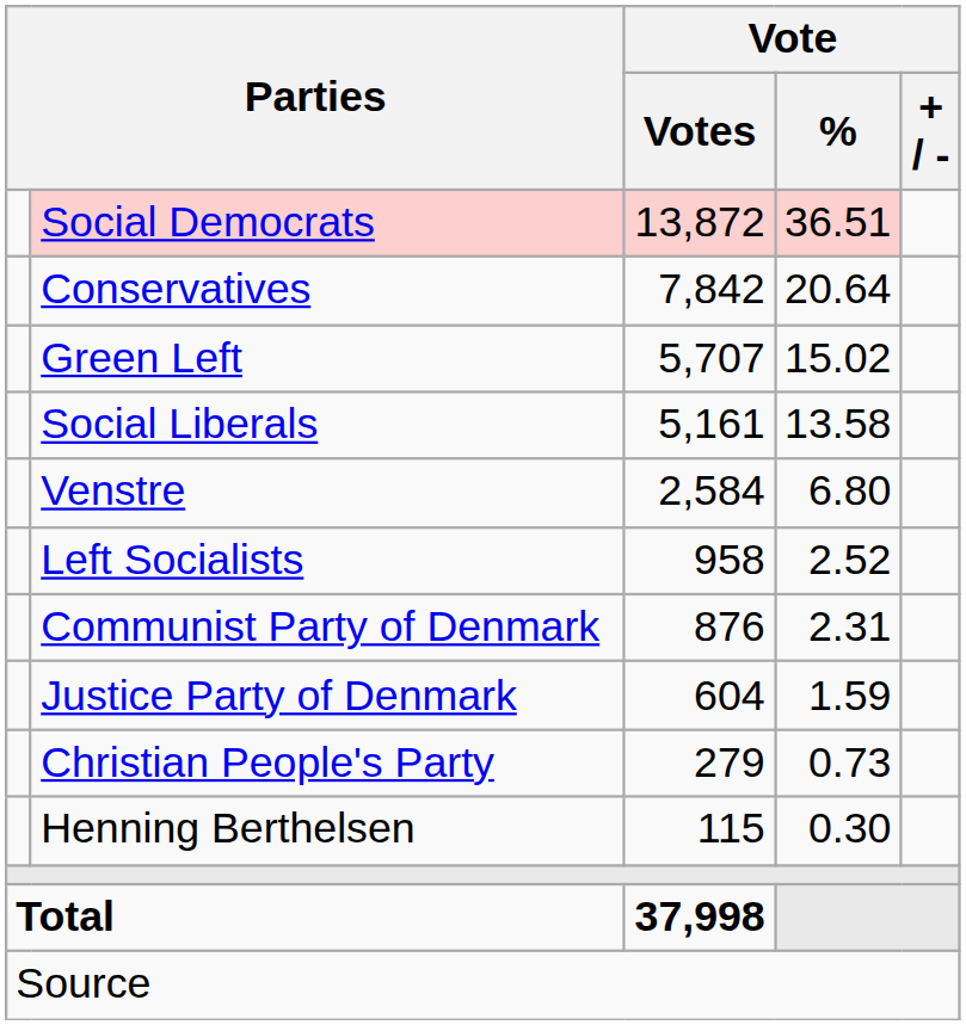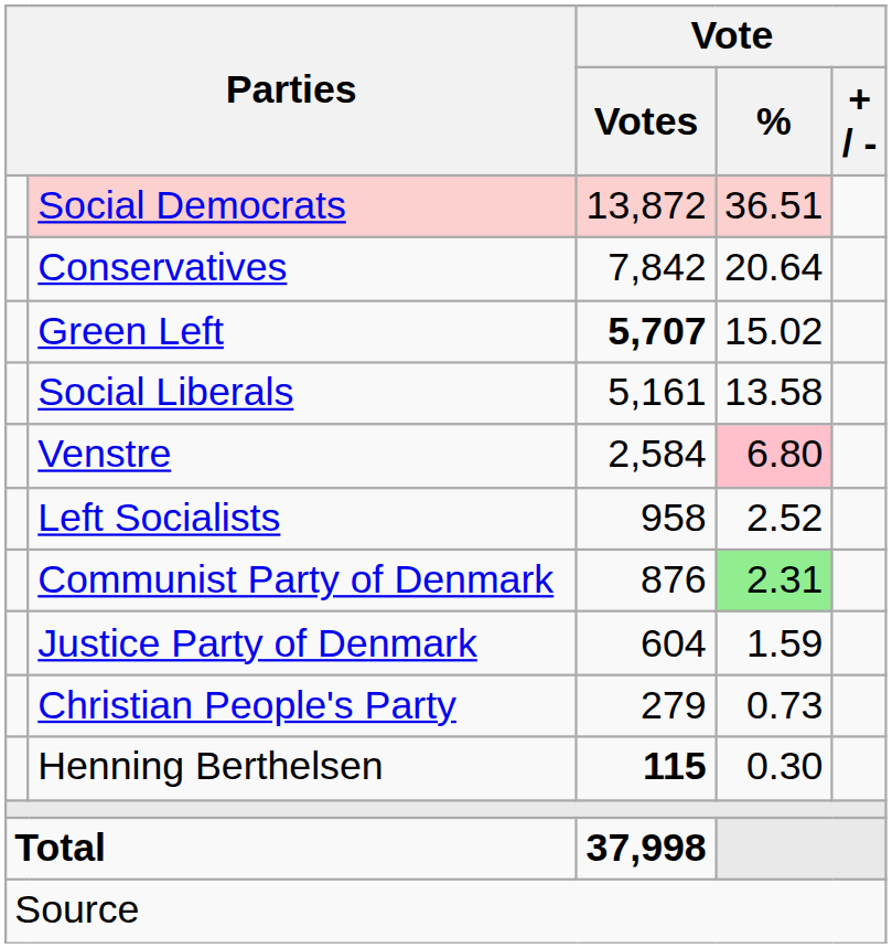 <table class="wikitable" style="text-align:right;">
 <tr>
 <th style="text-align:centre;" rowspan="2" colspan="2" width="225">Parties</th>
 <th colspan="3">Vote</th>
 </tr>
 <tr>
 <th width="15">Votes</th>
 <th width="15">%</th>
 <th width="15">+ / -</th>
 </tr>
 <tr>
 <td width="2" style="color:inherit;background:"></td>
 <td bgcolor=#fbd0ce  align="left"><a href='#'>Social Democrats</a></td>
 <td bgcolor=#fbd0ce>13,872</td>
 <td bgcolor=#fbd0ce>36.51</td>
 <td></td>
 </tr>
 <tr>
 <td width="2" style="color:inherit;background:"></td>
 <td align="left"><a href='#'>Conservatives</a></td>
 <td>7,842</td>
 <td>20.64</td>
 <td></td>
 </tr>
 <tr>
 <td width="2" style="color:inherit;background:"></td>
 <td align="left"><a href='#'>Green Left</a></td>
-<td>5,707</td>
+<td><strong>5,707</strong></td>
 <td>15.02</td>
 <td></td>
 </tr>
 <tr>
 <td width="2" style="color:inherit;background:"></td>
 <td align="left"><a href='#'>Social Liberals</a></td>
 <td>5,161</td>
 <td>13.58</td>
 <td></td>
 </tr>
 <tr>
 <td width="2" style="color:inherit;background:"></td>
 <td align="left"><a href='#'>Venstre</a></td>
 <td>2,584</td>
-<td>6.80</td>
+<td style="background: pink;">6.80</td>
 <td></td>
 </tr>
 <tr>
 <td width="2" style="color:inherit;background:"></td>
 <td align="left"><a href='#'>Left Socialists</a></td>
 <td>958</td>
 <td>2.52</td>
 <td></td>
 </tr>
 <tr>
 <td width="2" style="color:inherit;background:"></td>
 <td align="left"><a href='#'>Communist Party of Denmark</a></td>
 <td>876</td>
-<td>2.31</td>
+<td style="background: lightgreen;">2.31</td>
 <td></td>
 </tr>
 <tr>
 <td width="2" style="color:inherit;background:"></td>
 <td align="left"><a href='#'>Justice Party of Denmark</a></td>
 <td>604</td>
 <td>1.59</td>
 <td></td>
 </tr>
 <tr>
 <td width="2" style="color:inherit;background:"></td>
 <td align="left"><a href='#'>Christian People's Party</a></td>
 <td>279</td>
 <td>0.73</td>
 <td></td>
 </tr>
 <tr>
 <td width="2" style="color:inherit;background:"></td>
 <td align="left">Henning Berthelsen</td>
-<td>115</td>
+<td><strong>115</strong></td>
 <td>0.30</td>
 <td></td>
 </tr>
 <tr>
 <td colspan="7" bgcolor="#E9E9E9"></td>
 </tr>
 <tr>
 <td align="left" colspan="2"><strong>Total</strong></td>
 <td><strong>37,998</strong></td>
 <td bgcolor="#E9E9E9" colspan="2"></td>
 </tr>
 <tr>
 <td align="left" colspan="6">Source</td>
 </tr>
 </table>
